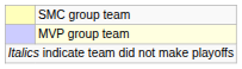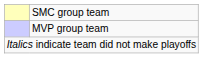 <table class="wikitable">
 <tr>
 <td style="background:#FFFFBB; width:2em"></td>
 <td>SMC group team</td>
 </tr>
 <tr>
 <td style="background:#CCCCFF; width:2em"></td>
-<td style="background: lightyellow;">MVP group team</td>
+<td>MVP group team</td>
 </tr>
 <tr>
 <td colspan=2><em>Italics</em> indicate team did not make playoffs</td>
 </tr>
 </table>
